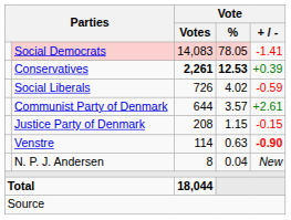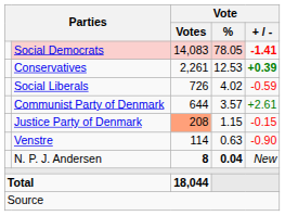 <table class="wikitable" style="text-align:right;">
 <tr>
 <th style="text-align:centre;" rowspan="2" colspan="2" width="225">Parties</th>
 <th colspan="3">Vote</th>
 </tr>
 <tr>
 <th width="15">Votes</th>
 <th width="15">%</th>
 <th width="15">+ / -</th>
 </tr>
 <tr>
 <td width="2" style="color:inherit;background:"></td>
 <td bgcolor=#fbd0ce  align="left"><a href='#'>Social Democrats</a></td>
 <td bgcolor=#fbd0ce>14,083</td>
 <td bgcolor=#fbd0ce>78.05</td>
-<td style=color:red;>-1.41</td>
+<td style=color:red;><strong>-1.41</strong></td>
 </tr>
 <tr>
 <td width="2" style="color:inherit;background:"></td>
 <td align="left"><a href='#'>Conservatives</a></td>
-<td><strong>2,261</strong></td>
-<td><strong>12.53</strong></td>
-<td style=color:green;>+0.39</td>
+<td>2,261</td>
+<td>12.53</td>
+<td style=color:green;><strong>+0.39</strong></td>
 </tr>
 <tr>
 <td width="2" style="color:inherit;background:"></td>
 <td align="left"><a href='#'>Social Liberals</a></td>
 <td>726</td>
 <td>4.02</td>
 <td style=color:red;>-0.59</td>
 </tr>
 <tr>
 <td width="2" style="color:inherit;background:"></td>
 <td align="left"><a href='#'>Communist Party of Denmark</a></td>
 <td>644</td>
 <td>3.57</td>
 <td style=color:green;>+2.61</td>
 </tr>
 <tr>
 <td width="2" style="color:inherit;background:"></td>
 <td align="left"><a href='#'>Justice Party of Denmark</a></td>
-<td>208</td>
+<td style="background: lightsalmon;">208</td>
 <td>1.15</td>
 <td style=color:red;>-0.15</td>
 </tr>
 <tr>
 <td width="2" style="color:inherit;background:"></td>
 <td align="left"><a href='#'>Venstre</a></td>
 <td>114</td>
 <td>0.63</td>
-<td style=color:red;><strong>-0.90</strong></td>
+<td style=color:red;>-0.90</td>
 </tr>
 <tr>
 <td width="2" style="color:inherit;background:"></td>
 <td align="left">N. P. J. Andersen</td>
-<td>8</td>
-<td>0.04</td>
+<td><strong>8</strong></td>
+<td><strong>0.04</strong></td>
 <td><em>New</em></td>
 </tr>
 <tr>
 <td colspan="7" bgcolor="#E9E9E9"></td>
 </tr>
 <tr>
 <td align="left" colspan="2"><strong>Total</strong></td>
 <td><strong>18,044</strong></td>
 <td bgcolor="#E9E9E9" colspan="2"></td>
 </tr>
 <tr>
 <td align="left" colspan="6">Source</td>
 </tr>
 </table>
